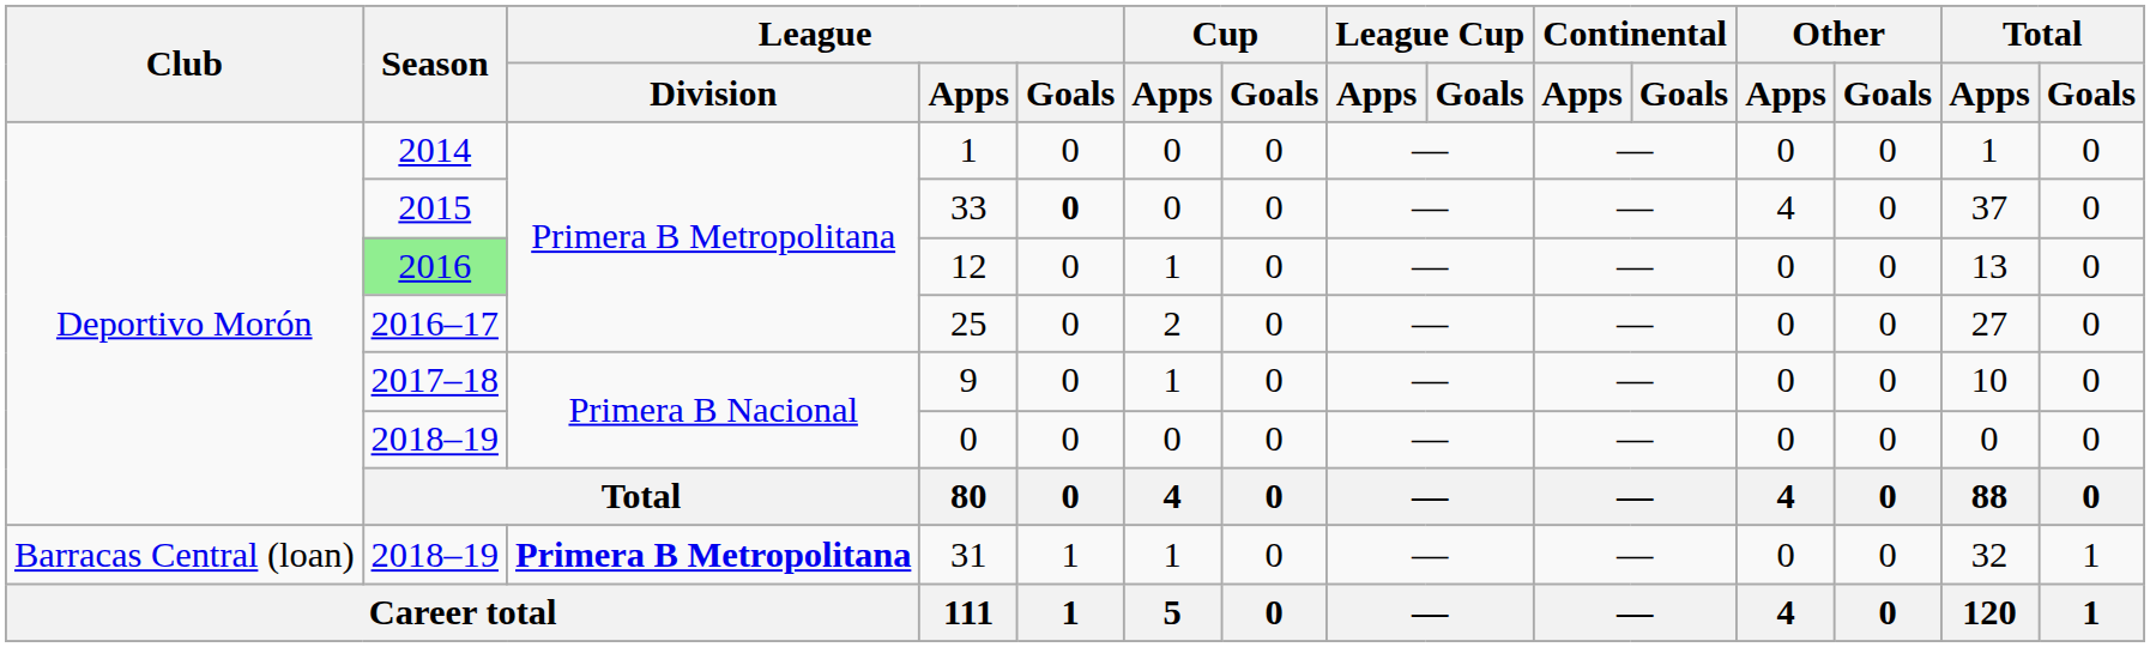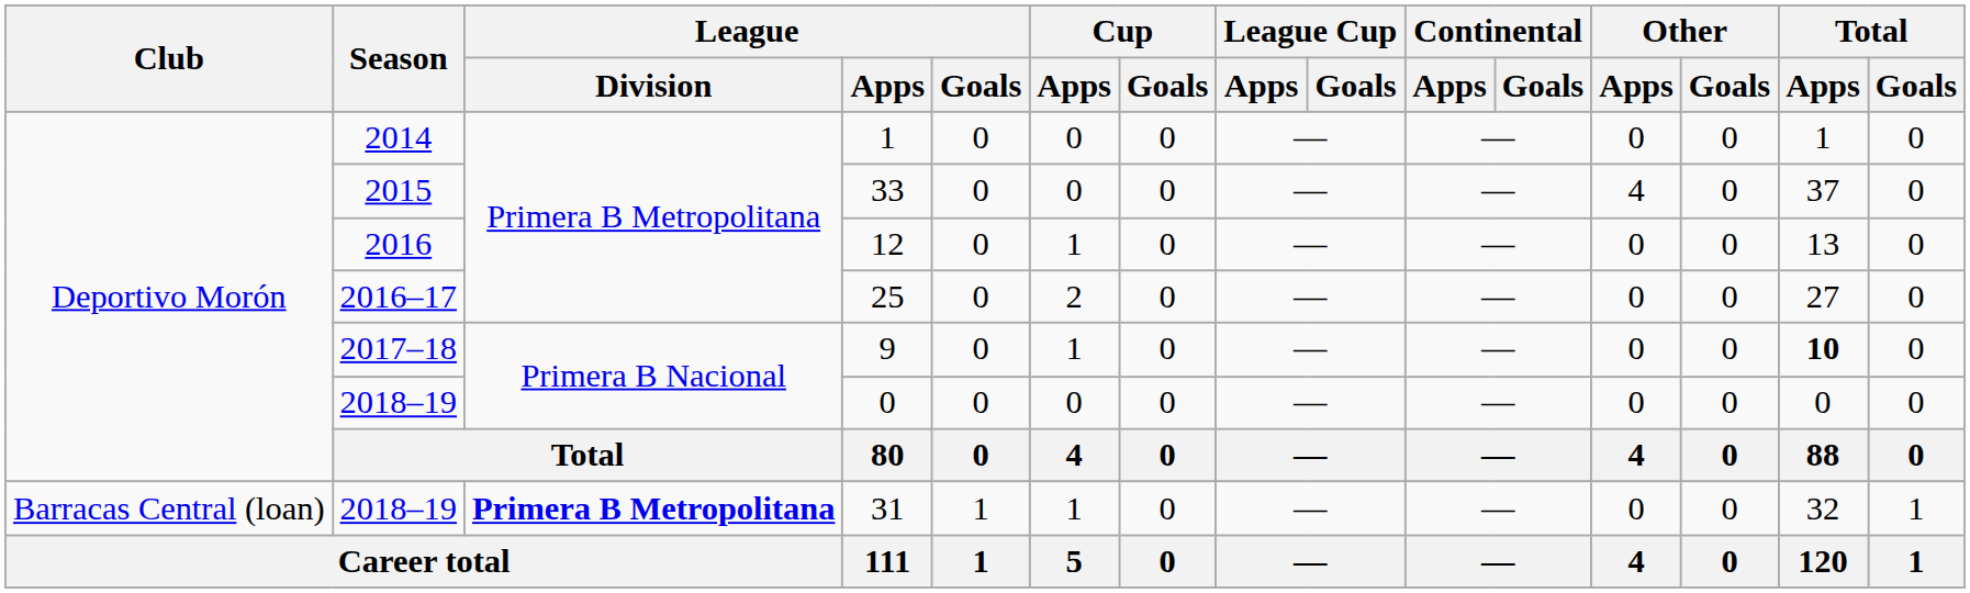 <table class="wikitable" style="text-align:center">
 <tr>
 <th rowspan="2">Club</th>
 <th rowspan="2">Season</th>
 <th colspan="3">League</th>
 <th colspan="2">Cup</th>
 <th colspan="2">League Cup</th>
 <th colspan="2">Continental</th>
 <th colspan="2">Other</th>
 <th colspan="2">Total</th>
 </tr>
 <tr>
 <th>Division</th>
 <th>Apps</th>
 <th>Goals</th>
 <th>Apps</th>
 <th>Goals</th>
 <th>Apps</th>
 <th>Goals</th>
 <th>Apps</th>
 <th>Goals</th>
 <th>Apps</th>
 <th>Goals</th>
 <th>Apps</th>
 <th>Goals</th>
 </tr>
 <tr>
 <td rowspan="7"><a href='#'>Deportivo Morón</a></td>
 <td><a href='#'>2014</a></td>
 <td rowspan="4"><a href='#'>Primera B Metropolitana</a></td>
 <td>1</td>
 <td>0</td>
 <td>0</td>
 <td>0</td>
 <td colspan="2">—</td>
 <td colspan="2">—</td>
 <td>0</td>
 <td>0</td>
 <td>1</td>
 <td>0</td>
 </tr>
 <tr>
 <td><a href='#'>2015</a></td>
 <td>33</td>
-<td><strong>0</strong></td>
+<td>0</td>
 <td>0</td>
 <td>0</td>
 <td colspan="2">—</td>
 <td colspan="2">—</td>
 <td>4</td>
 <td>0</td>
 <td>37</td>
 <td>0</td>
 </tr>
 <tr>
-<td style="background: lightgreen;"><a href='#'>2016</a></td>
+<td><a href='#'>2016</a></td>
 <td>12</td>
 <td>0</td>
 <td>1</td>
 <td>0</td>
 <td colspan="2">—</td>
 <td colspan="2">—</td>
 <td>0</td>
 <td>0</td>
 <td>13</td>
 <td>0</td>
 </tr>
 <tr>
 <td><a href='#'>2016–17</a></td>
 <td>25</td>
 <td>0</td>
 <td>2</td>
 <td>0</td>
 <td colspan="2">—</td>
 <td colspan="2">—</td>
 <td>0</td>
 <td>0</td>
 <td>27</td>
 <td>0</td>
 </tr>
 <tr>
 <td><a href='#'>2017–18</a></td>
 <td rowspan="2"><a href='#'>Primera B Nacional</a></td>
 <td>9</td>
 <td>0</td>
 <td>1</td>
 <td>0</td>
 <td colspan="2">—</td>
 <td colspan="2">—</td>
 <td>0</td>
 <td>0</td>
-<td>10</td>
+<td><strong>10</strong></td>
 <td>0</td>
 </tr>
 <tr>
 <td><a href='#'>2018–19</a></td>
 <td>0</td>
 <td>0</td>
 <td>0</td>
 <td>0</td>
 <td colspan="2">—</td>
 <td colspan="2">—</td>
 <td>0</td>
 <td>0</td>
 <td>0</td>
 <td>0</td>
 </tr>
 <tr>
 <th colspan="2">Total</th>
 <th>80</th>
 <th>0</th>
 <th>4</th>
 <th>0</th>
 <th colspan="2">—</th>
 <th colspan="2">—</th>
 <th>4</th>
 <th>0</th>
 <th>88</th>
 <th>0</th>
 </tr>
 <tr>
 <td rowspan="1"><a href='#'>Barracas Central</a> (loan)</td>
 <td><a href='#'>2018–19</a></td>
 <td rowspan="1"><strong><a href='#'>Primera B Metropolitana</a></strong></td>
 <td>31</td>
 <td>1</td>
 <td>1</td>
 <td>0</td>
 <td colspan="2">—</td>
 <td colspan="2">—</td>
 <td>0</td>
 <td>0</td>
 <td>32</td>
 <td>1</td>
 </tr>
 <tr>
 <th colspan="3">Career total</th>
 <th>111</th>
 <th>1</th>
 <th>5</th>
 <th>0</th>
 <th colspan="2">—</th>
 <th colspan="2">—</th>
 <th>4</th>
 <th>0</th>
 <th>120</th>
 <th>1</th>
 </tr>
 </table>
